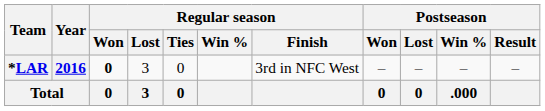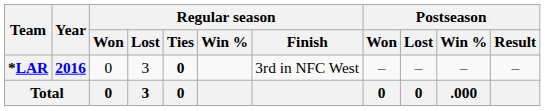 <table class="wikitable" style="font-size: 95%; text-align:center;">
 <tr>
 <th rowspan="2">Team</th>
 <th rowspan="2">Year</th>
 <th colspan="5">Regular season</th>
 <th colspan="4">Postseason</th>
 </tr>
 <tr>
 <th>Won</th>
 <th>Lost</th>
 <th>Ties</th>
 <th>Win %</th>
 <th>Finish</th>
 <th>Won</th>
 <th>Lost</th>
 <th>Win %</th>
 <th>Result</th>
 </tr>
 <tr>
 <th>*<a href='#'>LAR</a></th>
 <th><a href='#'>2016</a></th>
+<td>0</td>
+<td>3</td>
 <td><strong>0</strong></td>
-<td>3</td>
-<td>0</td>
 <td></td>
 <td>3rd in NFC West</td>
 <td>–</td>
 <td>–</td>
 <td>–</td>
 <td>–</td>
 </tr>
 <tr>
 <th colspan="2">Total</th>
 <th>0</th>
 <th>3</th>
 <th>0</th>
 <th></th>
 <th></th>
 <th>0</th>
 <th>0</th>
 <th>.000</th>
 <th></th>
 </tr>
 </table>
